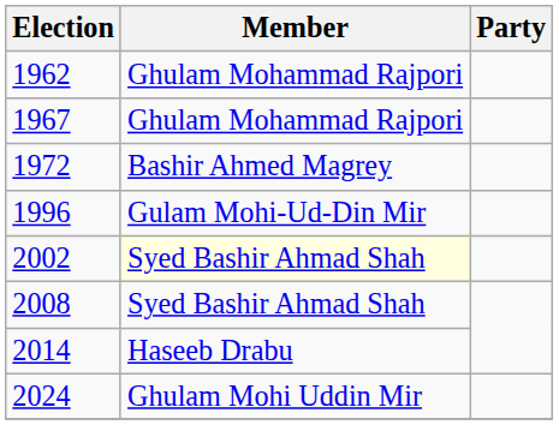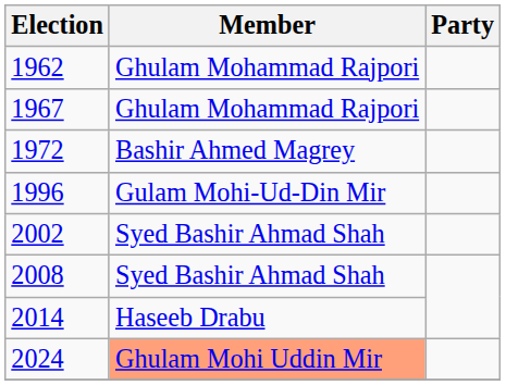 <table class="wikitable sortable">
 <tr>
 <th>Election</th>
 <th>Member</th>
 <th colspan=2>Party</th>
 </tr>
 <tr>
 <td><a href='#'>1962</a></td>
 <td><a href='#'>Ghulam Mohammad Rajpori</a></td>
 <td></td>
 </tr>
 <tr>
 <td><a href='#'>1967</a></td>
 <td><a href='#'>Ghulam Mohammad Rajpori</a></td>
 <td></td>
 </tr>
 <tr>
 <td><a href='#'>1972</a></td>
 <td><a href='#'>Bashir Ahmed Magrey</a></td>
 </tr>
 <tr>
 <td><a href='#'>1996</a></td>
 <td><a href='#'>Gulam Mohi-Ud-Din Mir</a></td>
 <td></td>
 </tr>
 <tr>
 <td><a href='#'>2002</a></td>
-<td style="background: lightyellow;"><a href='#'>Syed Bashir Ahmad Shah</a></td>
+<td><a href='#'>Syed Bashir Ahmad Shah</a></td>
 <td></td>
 </tr>
 <tr>
 <td><a href='#'>2008</a></td>
 <td><a href='#'>Syed Bashir Ahmad Shah</a></td>
 </tr>
 <tr>
 <td><a href='#'>2014</a></td>
 <td><a href='#'>Haseeb Drabu</a></td>
 </tr>
 <tr>
 <td><a href='#'>2024</a></td>
-<td><a href='#'>Ghulam Mohi Uddin Mir</a></td>
+<td style="background: lightsalmon;"><a href='#'>Ghulam Mohi Uddin Mir</a></td>
 <td></td>
 </tr>
 <tr>
 </tr>
 </table>
